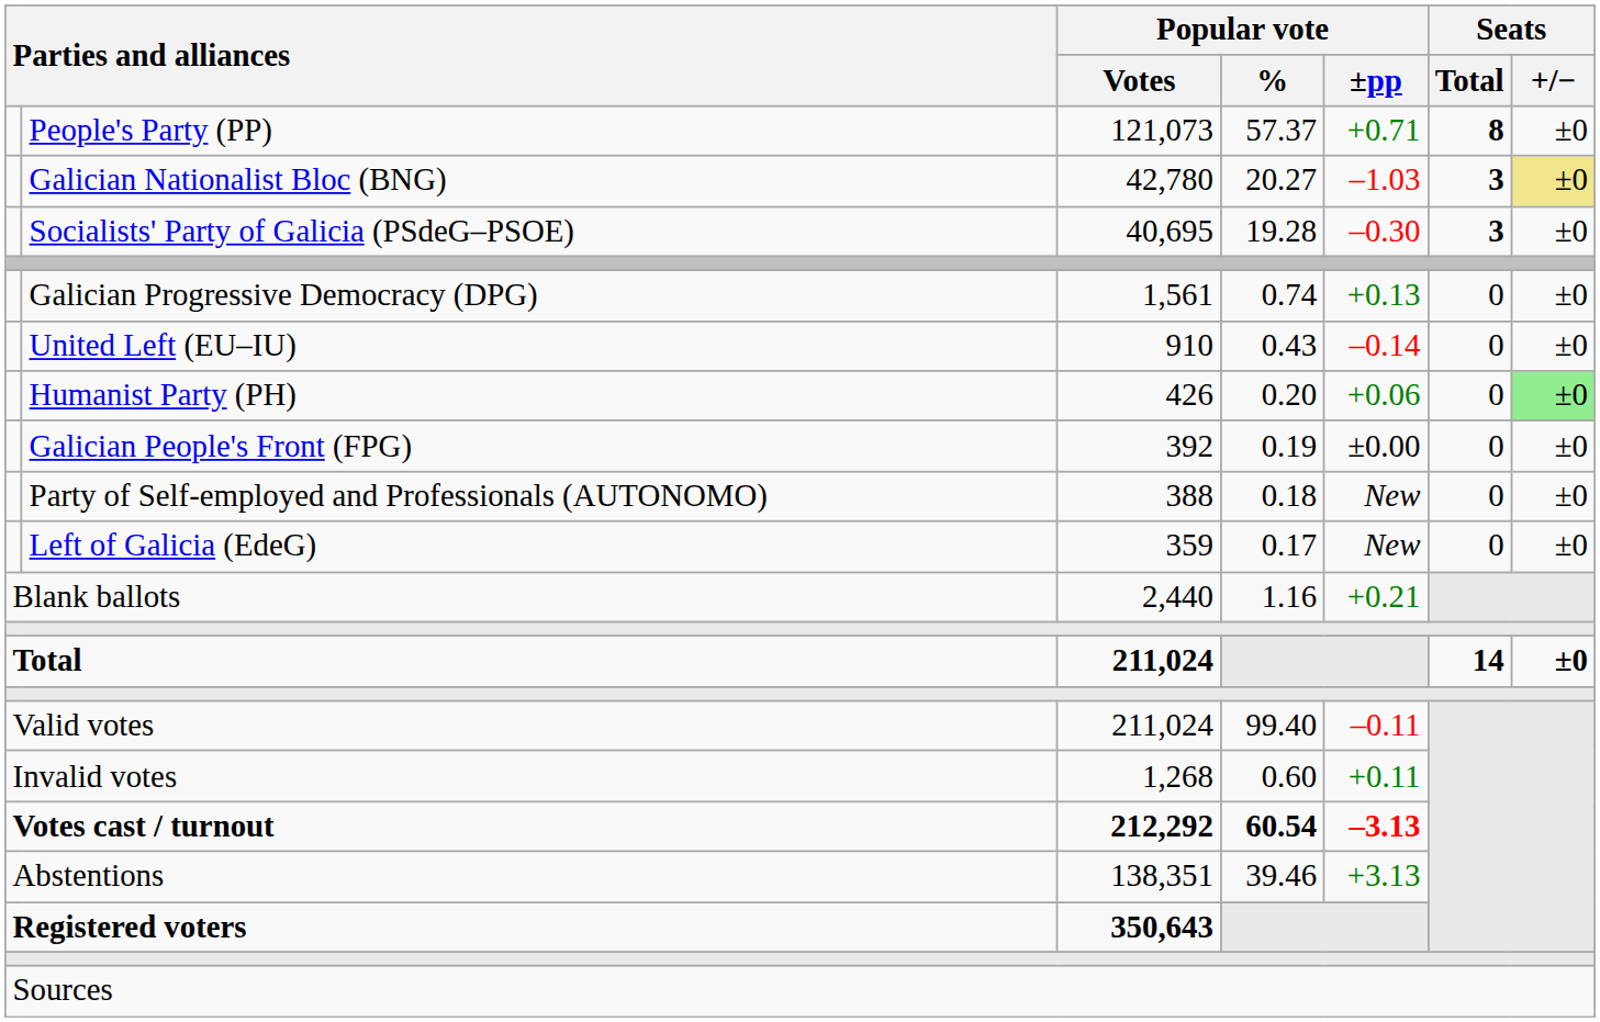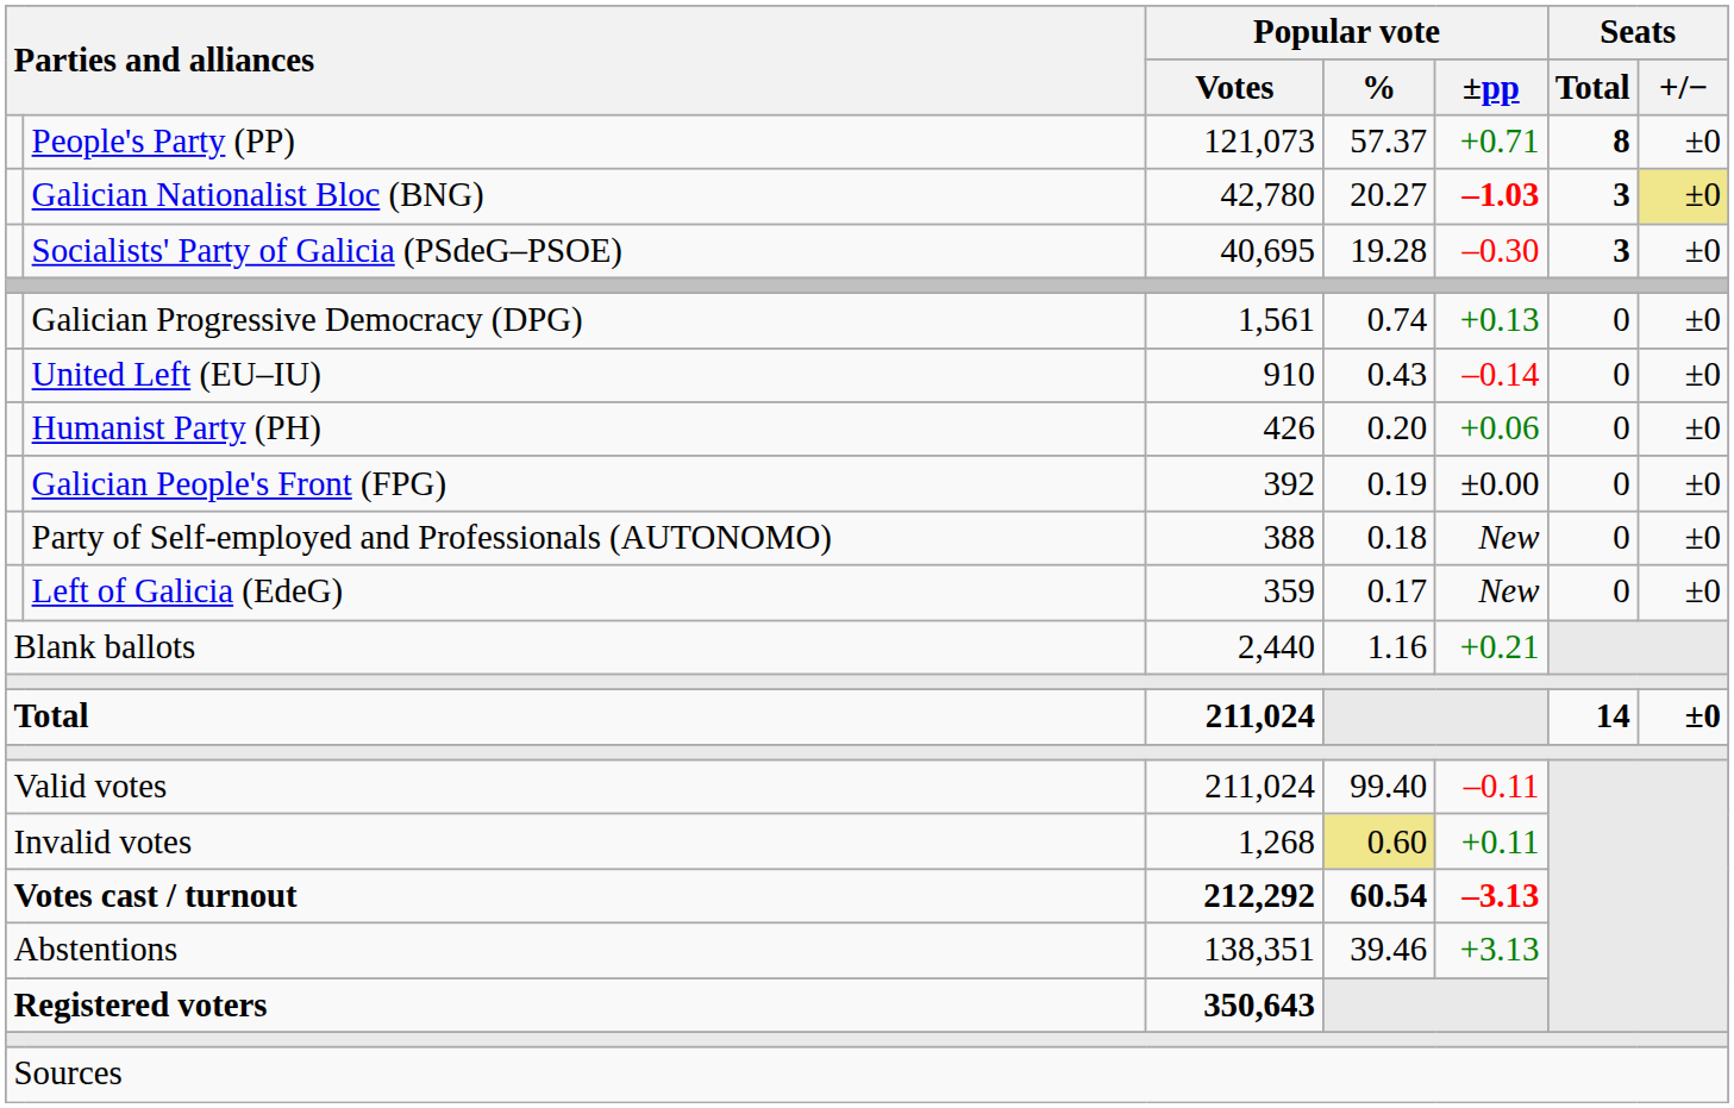 <table class="wikitable" style="text-align:right;">
 <tr>
 <th style="text-align:left;" rowspan="2" colspan="2" width="525">Parties and alliances</th>
 <th colspan="3">Popular vote</th>
 <th colspan="2">Seats</th>
 </tr>
 <tr>
 <th width="75">Votes</th>
 <th width="45">%</th>
 <th width="45">±<a href='#'>pp</a></th>
 <th width="35">Total</th>
 <th width="35">+/−</th>
 </tr>
 <tr>
 <td width="1" style="color:inherit;background:"></td>
 <td align="left"><a href='#'>People's Party</a> (PP)</td>
 <td>121,073</td>
 <td>57.37</td>
 <td style="color:green;">+0.71</td>
 <td><strong>8</strong></td>
 <td>±0</td>
 </tr>
 <tr>
 <td style="color:inherit;background:"></td>
 <td align="left"><a href='#'>Galician Nationalist Bloc</a> (BNG)</td>
 <td>42,780</td>
 <td>20.27</td>
-<td style="color:red;">–1.03</td>
+<td style="color:red;"><strong>–1.03</strong></td>
 <td><strong>3</strong></td>
 <td style="background: khaki;">±0</td>
 </tr>
 <tr>
 <td style="color:inherit;background:"></td>
 <td align="left"><a href='#'>Socialists' Party of Galicia</a> (PSdeG–PSOE)</td>
 <td>40,695</td>
 <td>19.28</td>
 <td style="color:red;">–0.30</td>
 <td><strong>3</strong></td>
 <td>±0</td>
 </tr>
 <tr>
 <td colspan="7" bgcolor="#C0C0C0"></td>
 </tr>
 <tr>
 <td style="color:inherit;background:"></td>
 <td align="left">Galician Progressive Democracy (DPG)</td>
 <td>1,561</td>
 <td>0.74</td>
 <td style="color:green;">+0.13</td>
 <td>0</td>
 <td>±0</td>
 </tr>
 <tr>
 <td style="color:inherit;background:"></td>
 <td align="left"><a href='#'>United Left</a> (EU–IU)</td>
 <td>910</td>
 <td>0.43</td>
 <td style="color:red;">–0.14</td>
 <td>0</td>
 <td>±0</td>
 </tr>
 <tr>
 <td style="color:inherit;background:"></td>
 <td align="left"><a href='#'>Humanist Party</a> (PH)</td>
 <td>426</td>
 <td>0.20</td>
 <td style="color:green;">+0.06</td>
 <td>0</td>
-<td style="background: lightgreen;">±0</td>
+<td>±0</td>
 </tr>
 <tr>
 <td style="color:inherit;background:"></td>
 <td align="left"><a href='#'>Galician People's Front</a> (FPG)</td>
 <td>392</td>
 <td>0.19</td>
 <td>±0.00</td>
 <td>0</td>
 <td>±0</td>
 </tr>
 <tr>
 <td style="color:inherit;background:"></td>
 <td align="left">Party of Self-employed and Professionals (AUTONOMO)</td>
 <td>388</td>
 <td>0.18</td>
 <td><em>New</em></td>
 <td>0</td>
 <td>±0</td>
 </tr>
 <tr>
 <td style="color:inherit;background:"></td>
 <td align="left"><a href='#'>Left of Galicia</a> (EdeG)</td>
 <td>359</td>
 <td>0.17</td>
 <td><em>New</em></td>
 <td>0</td>
 <td>±0</td>
 </tr>
 <tr>
 <td align="left" colspan="2">Blank ballots</td>
 <td>2,440</td>
 <td>1.16</td>
 <td style="color:green;">+0.21</td>
 <td bgcolor="#E9E9E9" colspan="2"></td>
 </tr>
 <tr>
 <td colspan="7" bgcolor="#E9E9E9"></td>
 </tr>
 <tr style="font-weight:bold;">
 <td align="left" colspan="2">Total</td>
 <td>211,024</td>
 <td bgcolor="#E9E9E9" colspan="2"></td>
 <td>14</td>
 <td>±0</td>
 </tr>
 <tr>
 <td colspan="7" bgcolor="#E9E9E9"></td>
 </tr>
 <tr>
 <td align="left" colspan="2">Valid votes</td>
 <td>211,024</td>
 <td>99.40</td>
 <td style="color:red;">–0.11</td>
 <td bgcolor="#E9E9E9" colspan="7" rowspan="5"></td>
 </tr>
 <tr>
 <td align="left" colspan="2">Invalid votes</td>
 <td>1,268</td>
-<td>0.60</td>
+<td style="background: khaki;">0.60</td>
 <td style="color:green;">+0.11</td>
 </tr>
 <tr style="font-weight:bold;">
 <td align="left" colspan="2">Votes cast / turnout</td>
 <td>212,292</td>
 <td>60.54</td>
 <td style="color:red;">–3.13</td>
 </tr>
 <tr>
 <td align="left" colspan="2">Abstentions</td>
 <td>138,351</td>
 <td>39.46</td>
 <td style="color:green;">+3.13</td>
 </tr>
 <tr style="font-weight:bold;">
 <td align="left" colspan="2">Registered voters</td>
 <td>350,643</td>
 <td bgcolor="#E9E9E9" colspan="2"></td>
 </tr>
 <tr>
 <td colspan="7" bgcolor="#E9E9E9"></td>
 </tr>
 <tr>
 <td align="left" colspan="7">Sources</td>
 </tr>
 </table>
